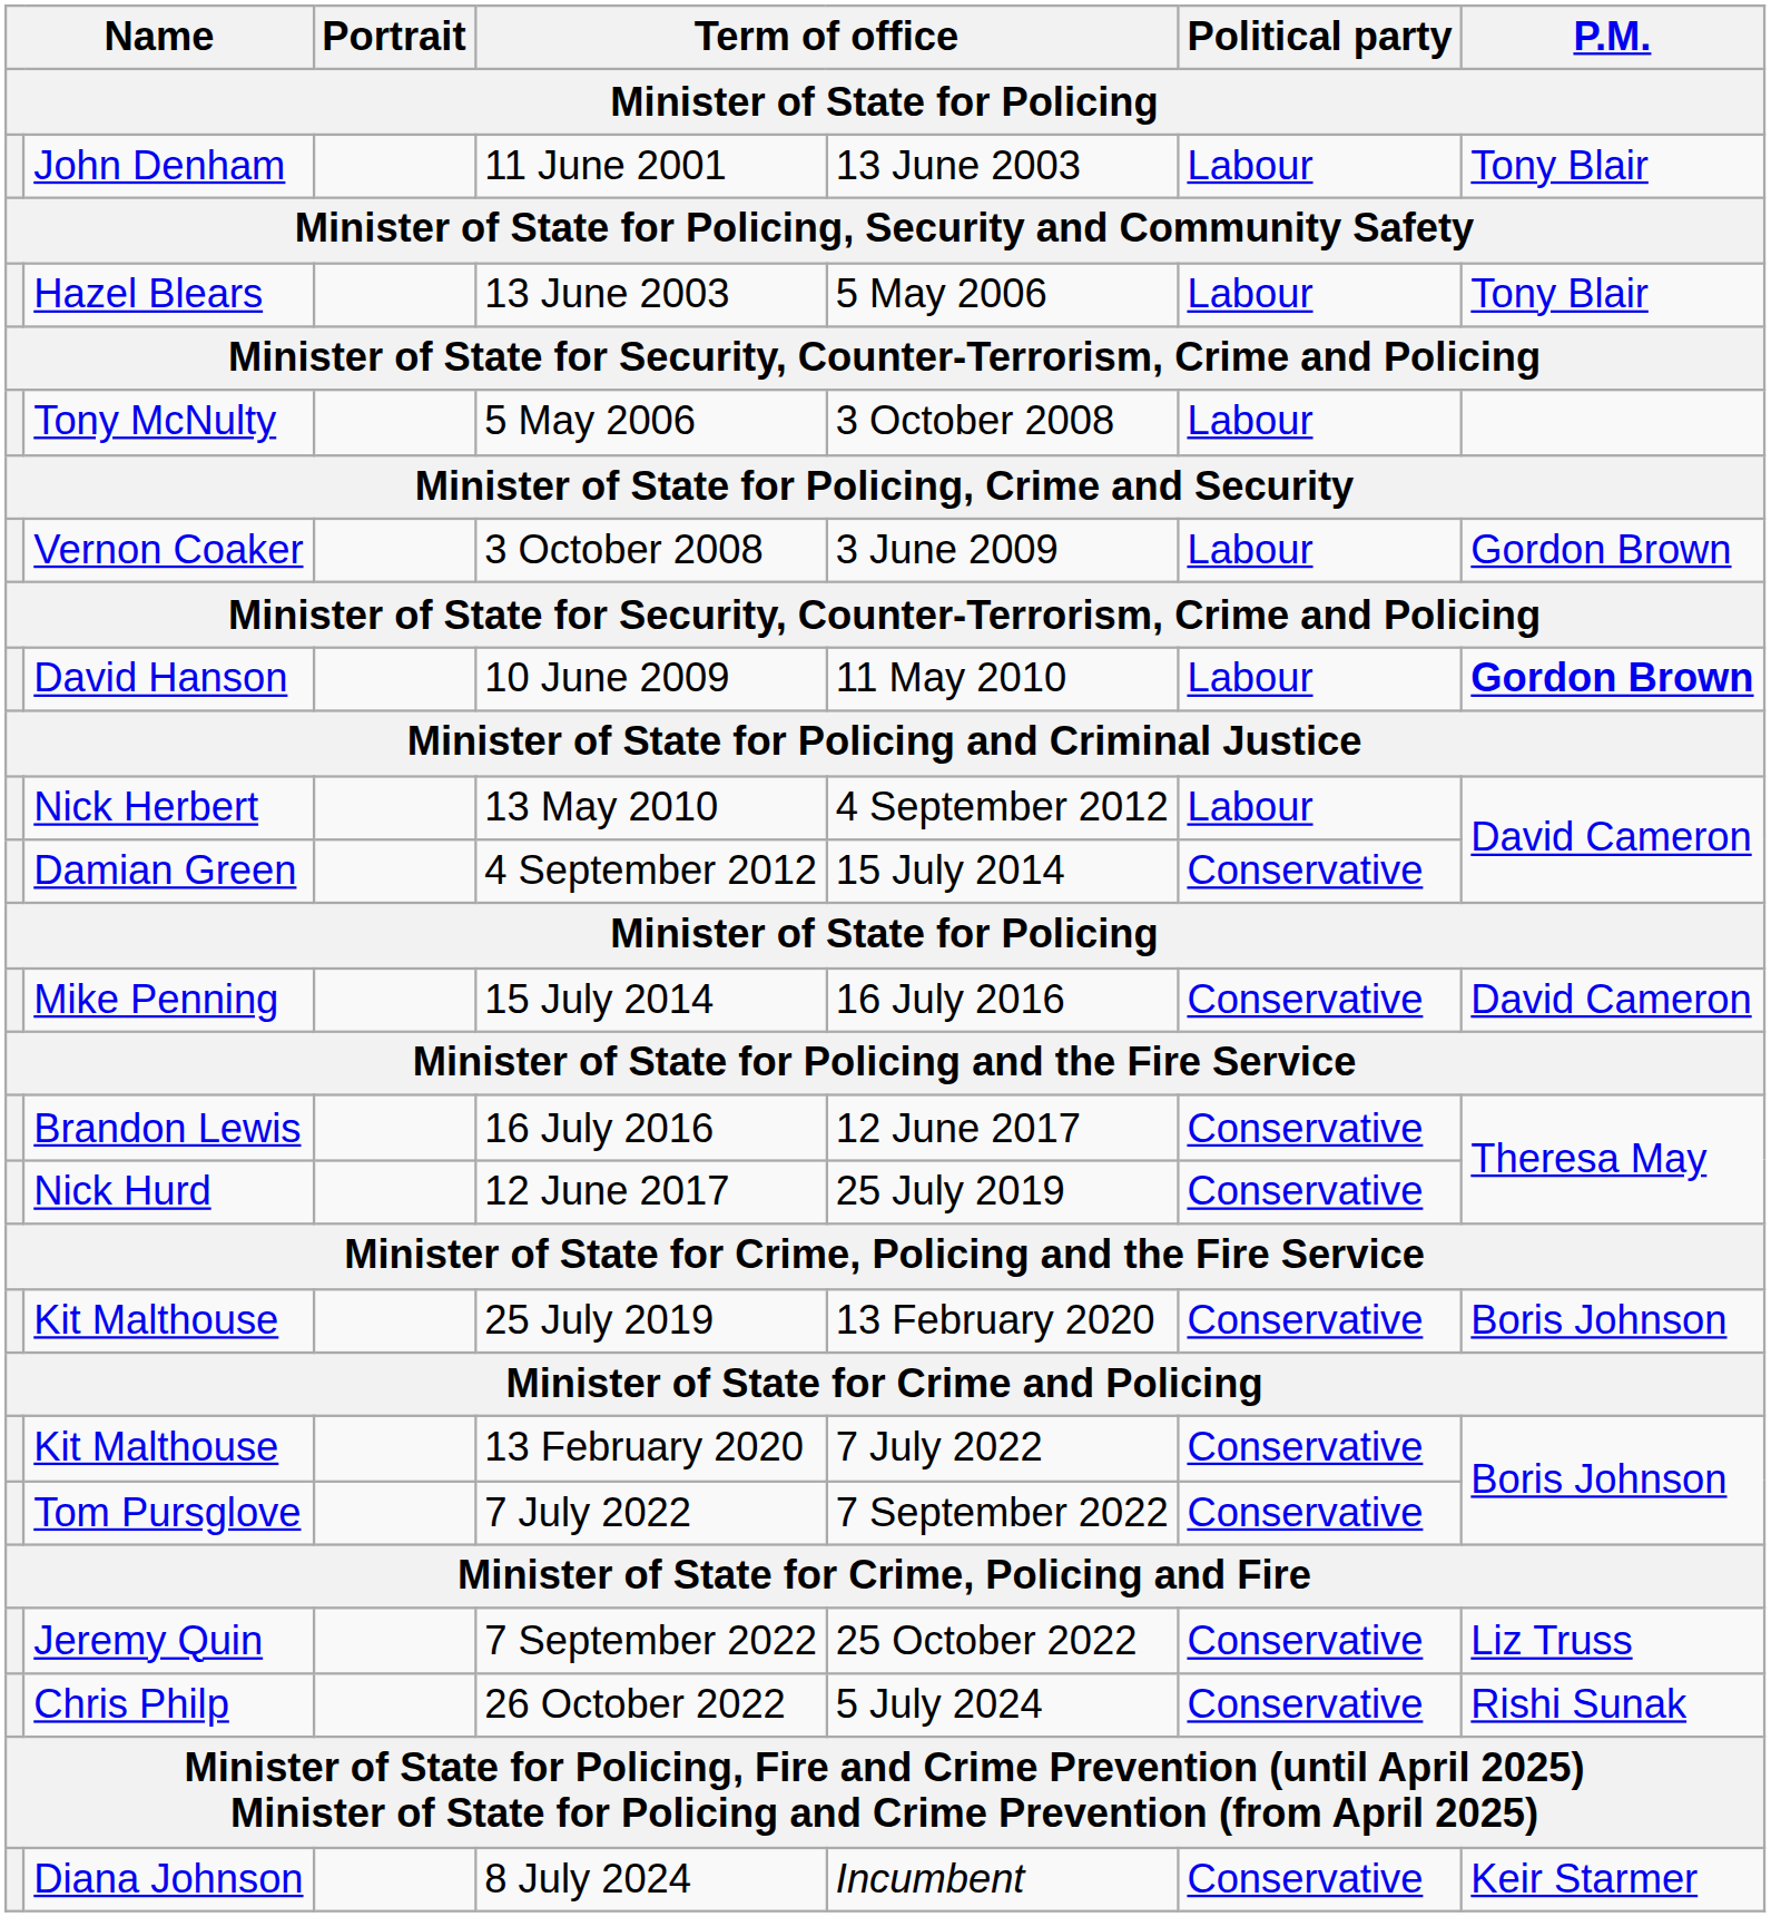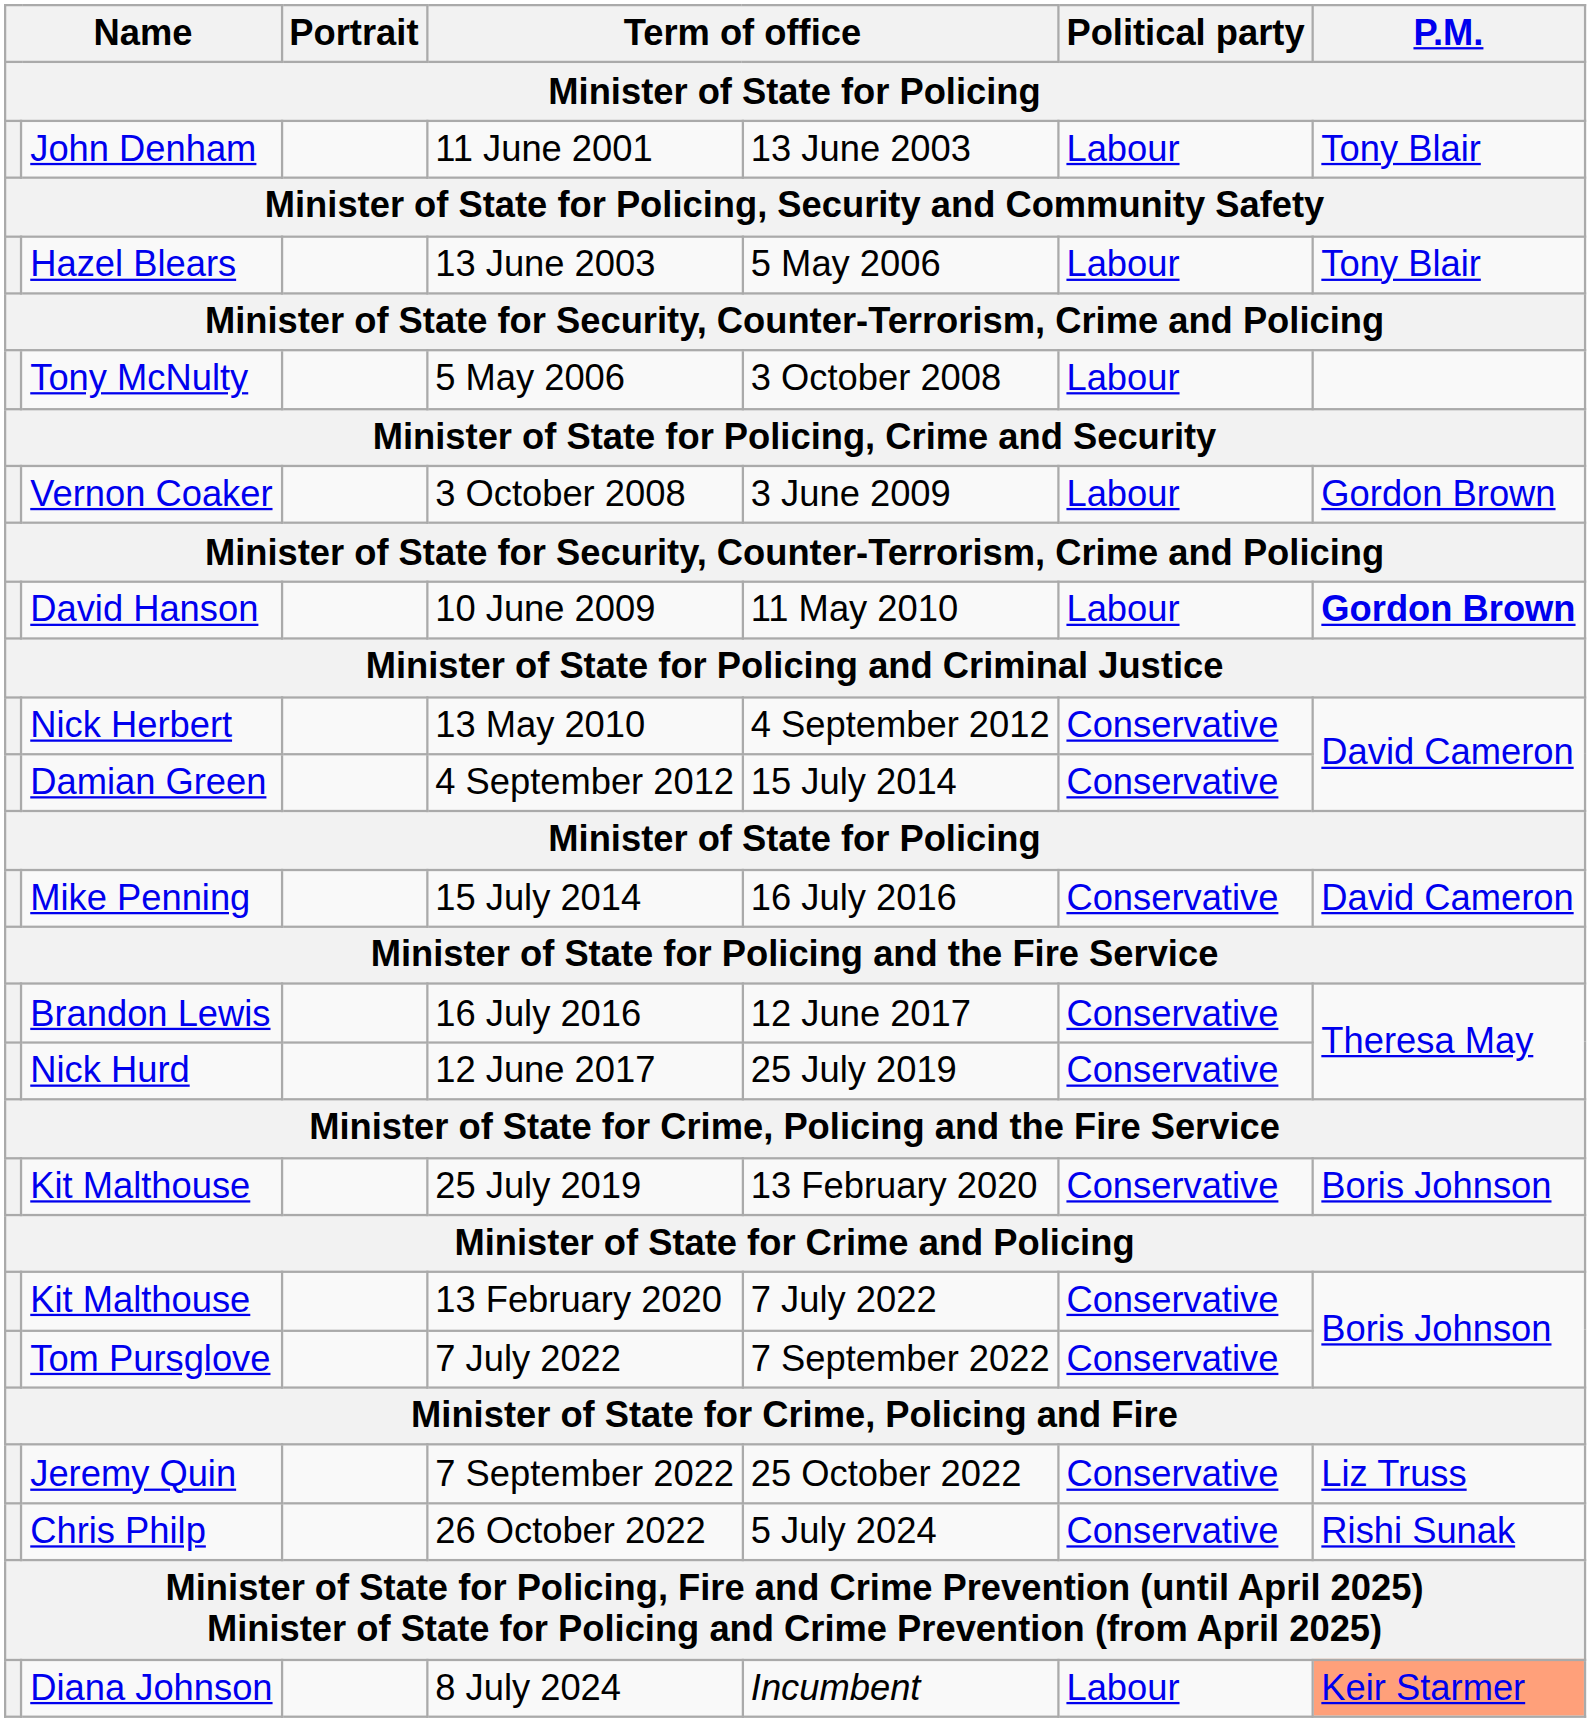 <table class="wikitable">
 <tr>
 <th colspan=2>Name</th>
 <th>Portrait</th>
 <th colspan=2>Term of office</th>
 <th>Political party</th>
 <th><a href='#'>P.M.</a></th>
 </tr>
 <tr>
 <th colspan=9>Minister of State for Policing</th>
 </tr>
 <tr>
 <th style="background-color: "></th>
 <td><a href='#'>John Denham</a></td>
 <td></td>
 <td>11 June 2001</td>
 <td>13 June 2003</td>
 <td><a href='#'>Labour</a></td>
 <td><a href='#'>Tony Blair</a></td>
 </tr>
 <tr>
 <th colspan=9>Minister of State for Policing, Security and Community Safety</th>
 </tr>
 <tr>
 <th style="background-color: "></th>
 <td><a href='#'>Hazel Blears</a></td>
 <td></td>
 <td>13 June 2003</td>
 <td>5 May 2006</td>
 <td><a href='#'>Labour</a></td>
 <td><a href='#'>Tony Blair</a></td>
 </tr>
 <tr>
 <th colspan=9>Minister of State for Security, Counter-Terrorism, Crime and Policing</th>
 </tr>
 <tr>
 <th style="background-color: "></th>
 <td><a href='#'>Tony McNulty</a></td>
 <td></td>
 <td>5 May 2006</td>
 <td>3 October 2008</td>
 <td><a href='#'>Labour</a></td>
 <td></td>
 </tr>
 <tr>
 <th colspan=9>Minister of State for Policing, Crime and Security</th>
 </tr>
 <tr>
 <th style="background-color: "></th>
 <td><a href='#'>Vernon Coaker</a></td>
 <td></td>
 <td>3 October 2008</td>
 <td>3 June 2009</td>
 <td><a href='#'>Labour</a></td>
 <td><a href='#'>Gordon Brown</a></td>
 </tr>
 <tr>
 <th colspan=9>Minister of State for Security, Counter-Terrorism, Crime and Policing</th>
 </tr>
 <tr>
 <th style="background-color: "></th>
 <td><a href='#'>David Hanson</a></td>
 <td></td>
 <td>10 June 2009</td>
 <td>11 May 2010</td>
 <td><a href='#'>Labour</a></td>
 <td><strong><a href='#'>Gordon Brown</a></strong></td>
 </tr>
 <tr>
 <th colspan=9>Minister of State for Policing and Criminal Justice</th>
 </tr>
 <tr>
 <th style="background-color: "></th>
 <td><a href='#'>Nick Herbert</a></td>
 <td></td>
 <td>13 May 2010</td>
 <td>4 September 2012</td>
-<td><a href='#'>Labour</a></td>
+<td><a href='#'>Conservative</a></td>
 <td rowspan=2><a href='#'>David Cameron</a></td>
 </tr>
 <tr>
 <th style="background-color: "></th>
 <td><a href='#'>Damian Green</a></td>
 <td></td>
 <td>4 September 2012</td>
 <td>15 July 2014</td>
 <td><a href='#'>Conservative</a></td>
 </tr>
 <tr>
 <th colspan=9>Minister of State for Policing</th>
 </tr>
 <tr>
 <th style="background-color: "></th>
 <td><a href='#'>Mike Penning</a></td>
 <td></td>
 <td>15 July 2014</td>
 <td>16 July 2016</td>
 <td><a href='#'>Conservative</a></td>
 <td><a href='#'>David Cameron</a></td>
 </tr>
 <tr>
 <th colspan=9>Minister of State for Policing and the Fire Service</th>
 </tr>
 <tr>
 <th style="background-color: "></th>
 <td><a href='#'>Brandon Lewis</a></td>
 <td></td>
 <td>16 July 2016</td>
 <td>12 June 2017</td>
 <td><a href='#'>Conservative</a></td>
 <td rowspan=2><a href='#'>Theresa May</a></td>
 </tr>
 <tr>
 <th style="background-color: "></th>
 <td><a href='#'>Nick Hurd</a></td>
 <td></td>
 <td>12 June 2017</td>
 <td>25 July 2019</td>
 <td><a href='#'>Conservative</a></td>
 </tr>
 <tr>
 <th colspan=9>Minister of State for Crime, Policing and the Fire Service</th>
 </tr>
 <tr>
 <th style="background-color: "></th>
 <td><a href='#'>Kit Malthouse</a></td>
 <td></td>
 <td>25 July 2019</td>
 <td>13 February 2020</td>
 <td><a href='#'>Conservative</a></td>
 <td><a href='#'>Boris Johnson</a></td>
 </tr>
 <tr>
 <th colspan=9>Minister of State for Crime and Policing</th>
 </tr>
 <tr>
 <th style="background-color: "></th>
 <td><a href='#'>Kit Malthouse</a></td>
 <td></td>
 <td>13 February 2020</td>
 <td>7 July 2022</td>
 <td><a href='#'>Conservative</a></td>
 <td rowspan=2><a href='#'>Boris Johnson</a></td>
 </tr>
 <tr>
 <th style="background-color: "></th>
 <td><a href='#'>Tom Pursglove</a></td>
 <td></td>
 <td>7 July 2022</td>
 <td>7 September 2022</td>
 <td><a href='#'>Conservative</a></td>
 </tr>
 <tr>
 <th colspan=10>Minister of State for Crime, Policing and Fire</th>
 </tr>
 <tr>
 <th style="background-color: "></th>
 <td><a href='#'>Jeremy Quin</a></td>
 <td></td>
 <td>7 September 2022</td>
 <td>25 October 2022</td>
 <td><a href='#'>Conservative</a></td>
 <td><a href='#'>Liz Truss</a></td>
 </tr>
 <tr>
 <th style="background-color: "></th>
 <td><a href='#'>Chris Philp</a></td>
 <td></td>
 <td>26 October 2022</td>
 <td>5 July 2024</td>
 <td><a href='#'>Conservative</a></td>
 <td><a href='#'>Rishi Sunak</a></td>
 </tr>
 <tr>
 <th colspan=10>Minister of State for Policing, Fire and Crime Prevention (until April 2025)<br>Minister of State for Policing and Crime Prevention (from April 2025)</th>
 </tr>
 <tr>
 <th style="background-color: "></th>
 <td><a href='#'>Diana Johnson</a></td>
 <td></td>
 <td>8 July 2024</td>
 <td><em>Incumbent</em></td>
-<td><a href='#'>Conservative</a></td>
-<td><a href='#'>Keir Starmer</a></td>
+<td><a href='#'>Labour</a></td>
+<td style="background: lightsalmon;"><a href='#'>Keir Starmer</a></td>
 </tr>
 </table>
